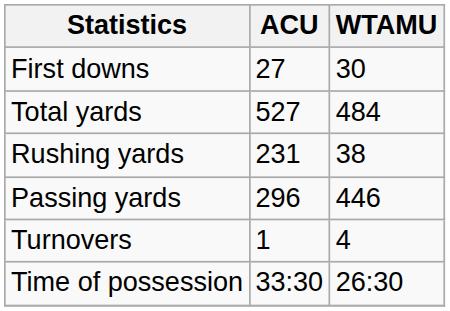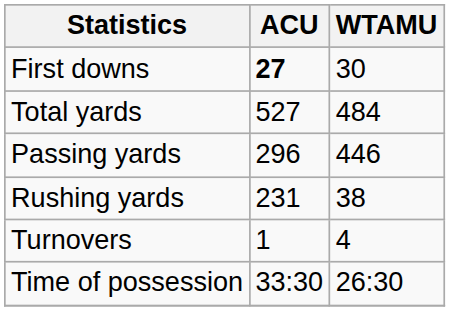 <table class="wikitable">
 <tr>
 <th>Statistics</th>
 <th>ACU</th>
 <th>WTAMU</th>
 </tr>
 <tr>
 <td>First downs</td>
-<td>27</td>
+<td><strong>27</strong></td>
 <td>30</td>
 </tr>
 <tr>
 <td>Total yards</td>
 <td>527</td>
 <td>484</td>
 </tr>
 <tr>
+<td>Passing yards</td>
+<td>296</td>
+<td>446</td>
+</tr>
+<tr>
 <td>Rushing yards</td>
 <td>231</td>
 <td>38</td>
-</tr>
-<tr>
-<td>Passing yards</td>
-<td>296</td>
-<td>446</td>
 </tr>
 <tr>
 <td>Turnovers</td>
 <td>1</td>
 <td>4</td>
 </tr>
 <tr>
 <td>Time of possession</td>
 <td>33:30</td>
 <td>26:30</td>
 </tr>
 <tr>
 </tr>
 </table>
